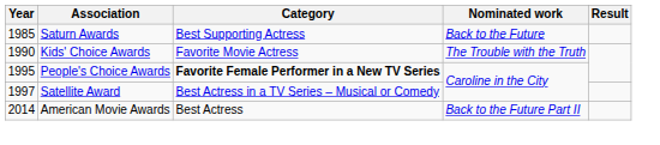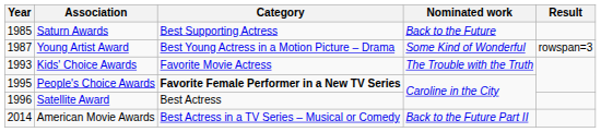 <table class="wikitable sortable">
 <tr>
 <th>Year</th>
 <th>Association</th>
 <th>Category</th>
 <th>Nominated work</th>
 <th>Result</th>
 </tr>
 <tr>
 <td>1985</td>
 <td><a href='#'>Saturn Awards</a></td>
 <td><a href='#'>Best Supporting Actress</a></td>
 <td><em><a href='#'>Back to the Future</a></em></td>
 <td></td>
 </tr>
 <tr>
-<td>1990</td>
+<td>1987</td>
+<td><a href='#'>Young Artist Award</a></td>
+<td><a href='#'>Best Young Actress in a Motion Picture – Drama</a></td>
+<td><em><a href='#'>Some Kind of Wonderful</a></em></td>
+<td>rowspan=3 </td>
+</tr>
+<tr>
+<td>1993</td>
 <td><a href='#'>Kids' Choice Awards</a></td>
 <td><a href='#'>Favorite Movie Actress</a></td>
 <td><em><a href='#'>The Trouble with the Truth</a></em></td>
 </tr>
 <tr>
 <td>1995</td>
 <td><a href='#'>People's Choice Awards</a></td>
 <td><strong>Favorite Female Performer in a New TV Series</strong></td>
 <td rowspan=2><em><a href='#'>Caroline in the City</a></em></td>
 </tr>
 <tr>
-<td>1997</td>
+<td>1996</td>
 <td><a href='#'>Satellite Award</a></td>
-<td><a href='#'>Best Actress in a TV Series – Musical or Comedy</a></td>
+<td>Best Actress</td>
 <td></td>
 </tr>
 <tr>
 <td>2014</td>
 <td>American Movie Awards</td>
-<td>Best Actress</td>
+<td><a href='#'>Best Actress in a TV Series – Musical or Comedy</a></td>
 <td><em><a href='#'>Back to the Future Part II</a></em></td>
 <td></td>
 </tr>
 </table>
